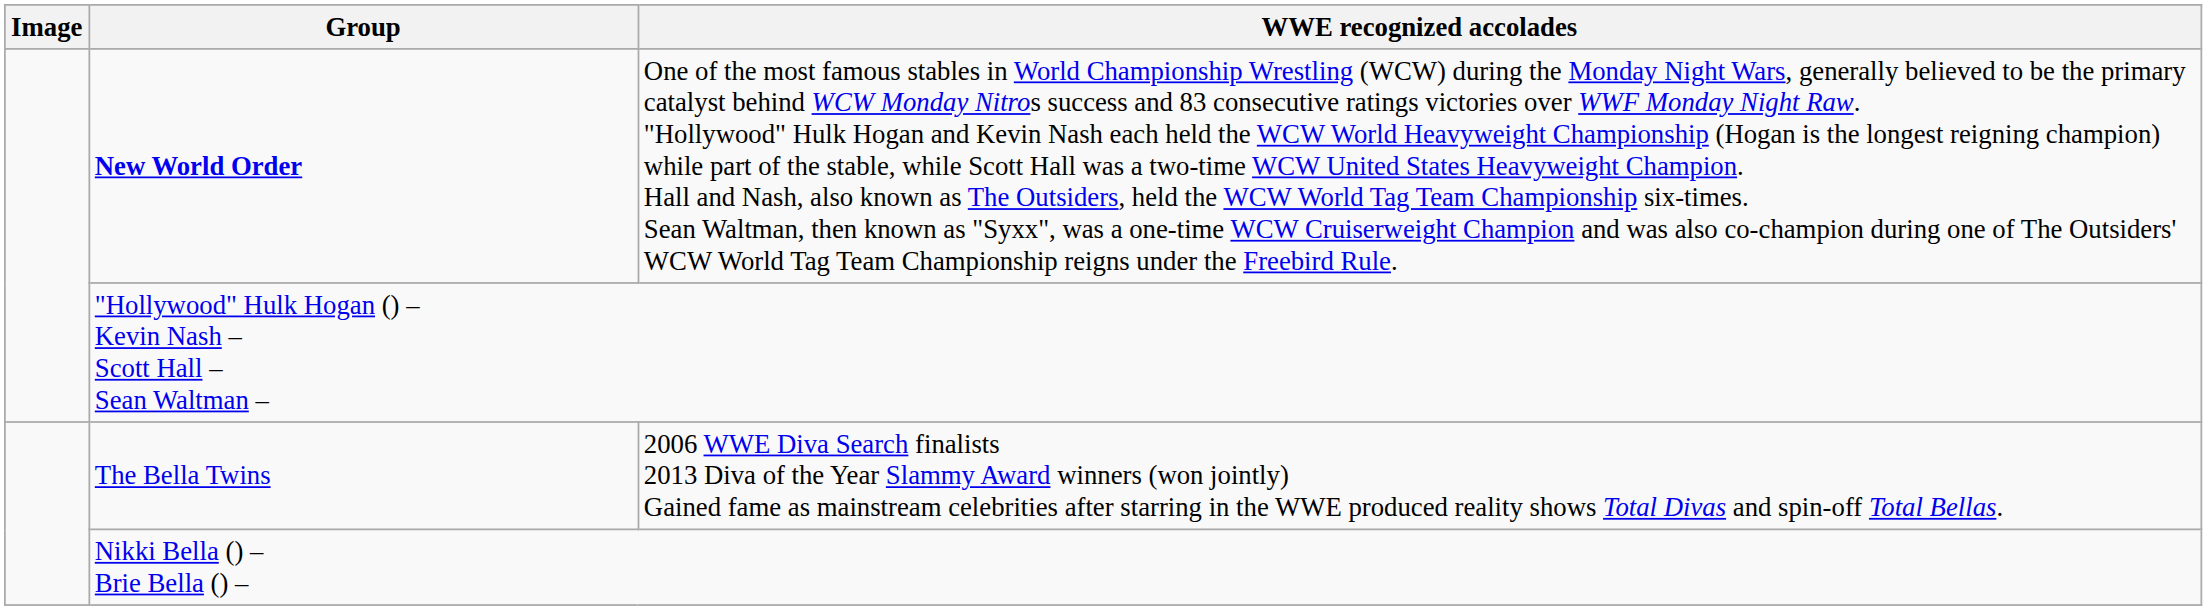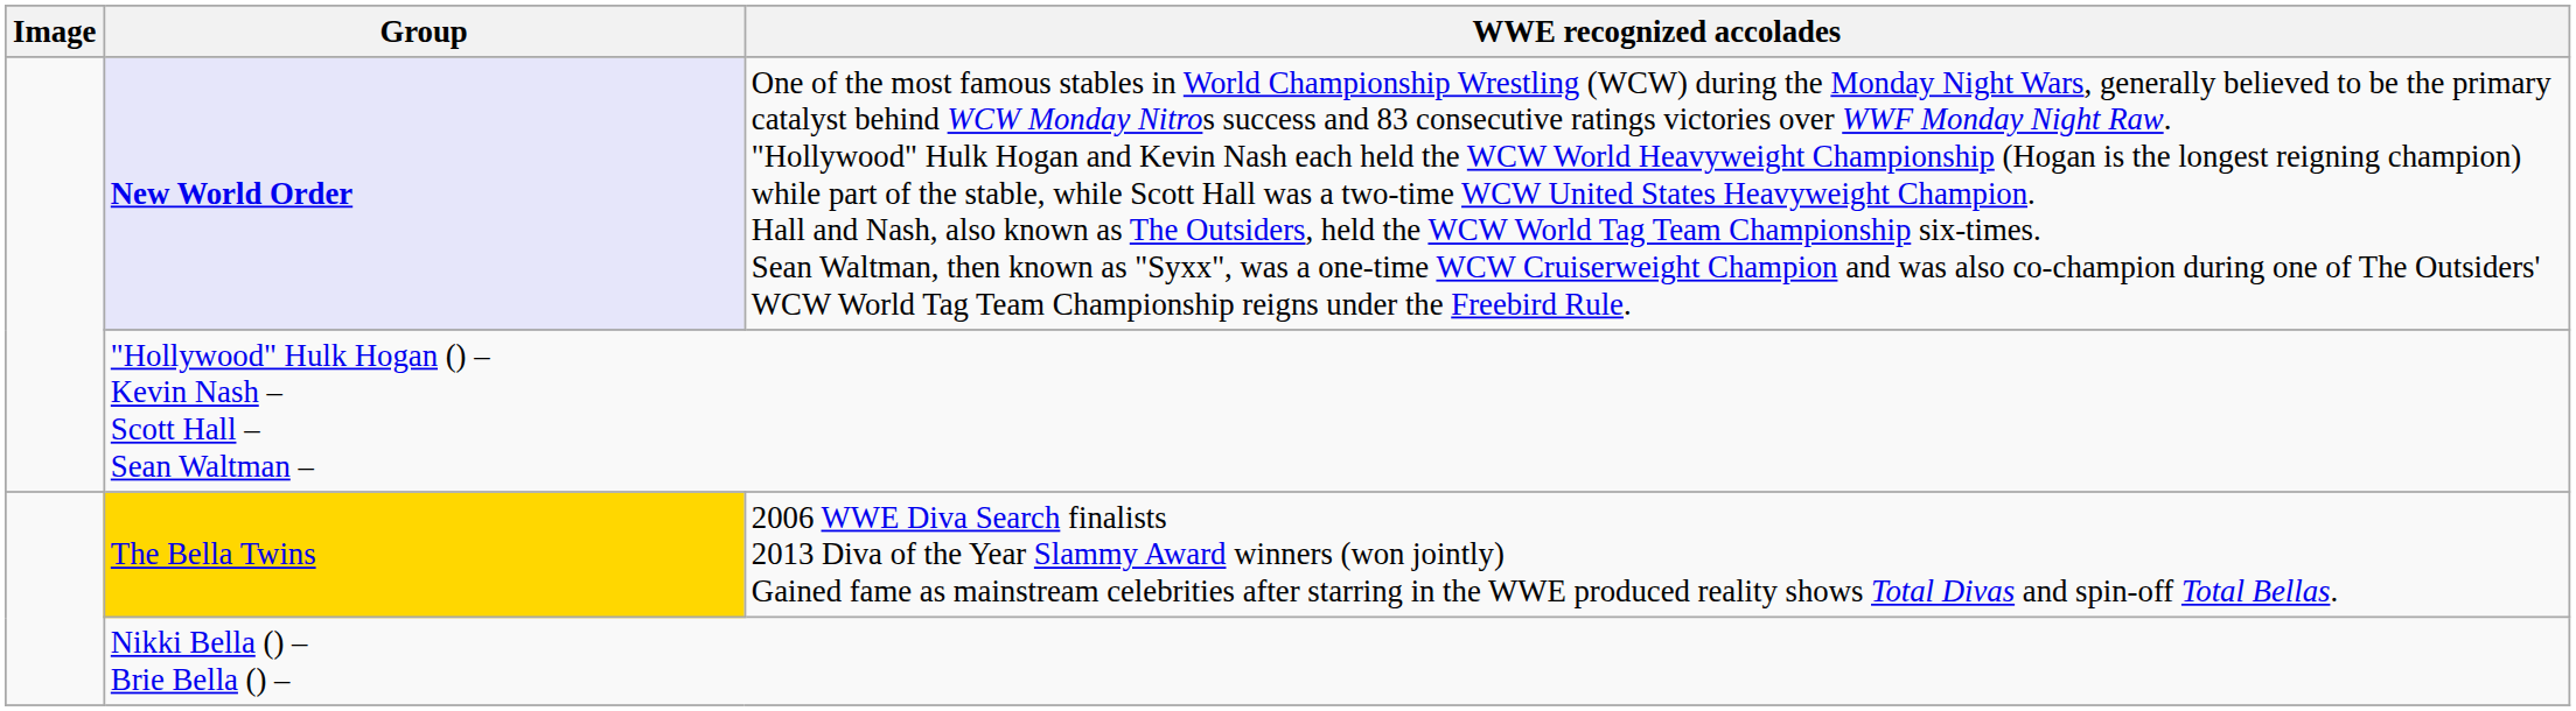 <table class="wikitable" style="font-size: 95%">
 <tr>
 <th style="width:1%;">Image</th>
 <th style="width:25%;">Group</th>
 <th class="unsortable">WWE recognized accolades</th>
 </tr>
 <tr>
 <td rowspan=2><br><br></td>
-<td><a href='#'><strong>New World Order</strong></a></td>
+<td style="background: lavender;"><a href='#'><strong>New World Order</strong></a></td>
 <td>One of the most famous stables in <a href='#'>World Championship Wrestling</a> (WCW) during the <a href='#'>Monday Night Wars</a>, generally believed to be the primary catalyst behind <em><a href='#'>WCW Monday Nitro</a></em>s success and 83 consecutive ratings victories over <em><a href='#'>WWF Monday Night Raw</a></em>.<br>"Hollywood" Hulk Hogan and Kevin Nash each held the <a href='#'>WCW World Heavyweight Championship</a> (Hogan is the longest reigning champion) while part of the stable, while Scott Hall was a two-time <a href='#'>WCW United States Heavyweight Champion</a>.<br>Hall and Nash, also known as <a href='#'>The Outsiders</a>, held the <a href='#'>WCW World Tag Team Championship</a> six-times.<br>Sean Waltman, then known as "Syxx", was a one-time <a href='#'>WCW Cruiserweight Champion</a> and was also co-champion during one of The Outsiders' WCW World Tag Team Championship reigns under the <a href='#'>Freebird Rule</a>.</td>
 </tr>
 <tr>
 <td colspan="3"><a href='#'>"Hollywood" Hulk Hogan</a> () – <br><a href='#'>Kevin Nash</a> – <br><a href='#'>Scott Hall</a> – <br><a href='#'>Sean Waltman</a> – </td>
 </tr>
 <tr>
 <td rowspan=2><br></td>
-<td><a href='#'>The Bella Twins</a></td>
+<td style="background: gold;"><a href='#'>The Bella Twins</a></td>
 <td>2006 <a href='#'>WWE Diva Search</a> finalists<br>2013 Diva of the Year <a href='#'>Slammy Award</a> winners (won jointly)<br>Gained fame as mainstream celebrities after starring in the WWE produced reality shows <em><a href='#'>Total Divas</a></em> and spin-off <em><a href='#'>Total Bellas</a></em>.</td>
 </tr>
 <tr>
 <td colspan="3"><a href='#'>Nikki Bella</a> () – <br><a href='#'>Brie Bella</a> () – </td>
 </tr>
 </table>
